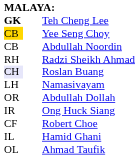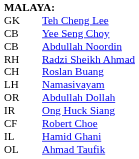 <table style="font-size: 90%" cellspacing="0" cellpadding="0">
 <tr>
 <td colspan="4"><strong>MALAYA:</strong></td>
 </tr>
 <tr>
 <th width="25"></th>
 <th width="25"></th>
 </tr>
 <tr>
-<td><strong>GK</strong></td>
+<td>GK</td>
 <td><strong></strong></td>
 <td><a href='#'>Teh Cheng Lee</a></td>
 </tr>
 <tr>
-<td style="background: gold;">CB</td>
+<td>CB</td>
 <td><strong></strong></td>
 <td><a href='#'>Yee Seng Choy</a></td>
 </tr>
 <tr>
 <td>CB</td>
 <td><strong></strong></td>
 <td><a href='#'>Abdullah Noordin</a></td>
 </tr>
 <tr>
 <td>RH</td>
 <td><strong></strong></td>
 <td><a href='#'>Radzi Sheikh Ahmad</a></td>
 </tr>
 <tr>
-<td style="background: lavender;">CH</td>
+<td>CH</td>
 <td><strong></strong></td>
 <td><a href='#'>Roslan Buang</a></td>
 </tr>
 <tr>
 <td>LH</td>
 <td><strong></strong></td>
 <td><a href='#'>Namasivayam</a></td>
 </tr>
 <tr>
 <td>OR</td>
 <td><strong></strong></td>
 <td><a href='#'>Abdullah Dollah</a></td>
 </tr>
 <tr>
 <td>IR</td>
 <td><strong></strong></td>
 <td><a href='#'>Ong Huck Siang</a></td>
 </tr>
 <tr>
 <td>CF</td>
 <td><strong></strong></td>
 <td><a href='#'>Robert Choe</a></td>
 </tr>
 <tr>
 <td>IL</td>
 <td><strong></strong></td>
 <td><a href='#'>Hamid Ghani</a></td>
 </tr>
 <tr>
 <td>OL</td>
 <td><strong></strong></td>
 <td><a href='#'>Ahmad Taufik</a></td>
 </tr>
 <tr>
 </tr>
 </table>
